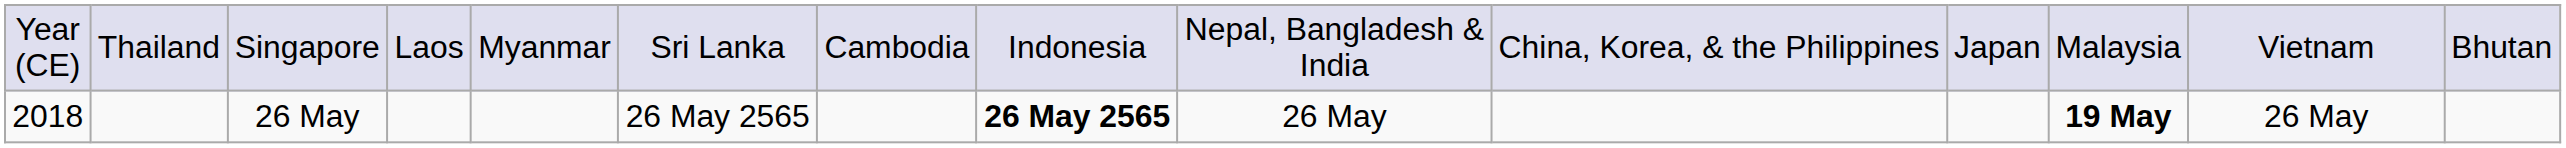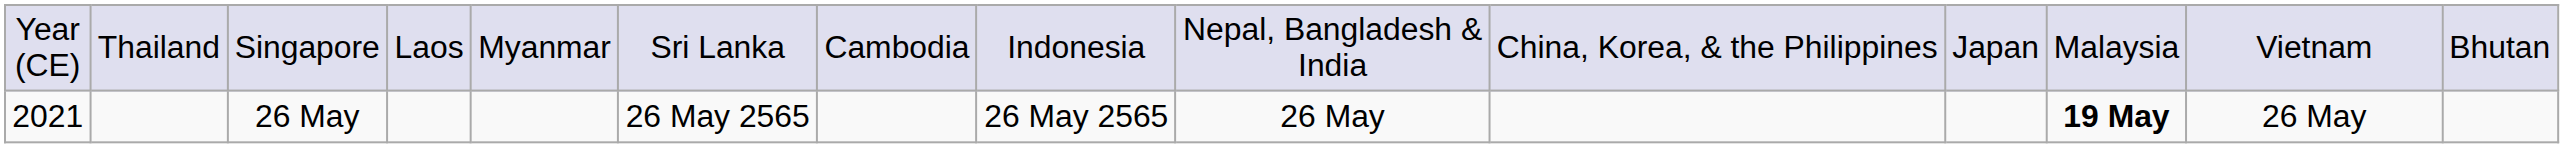 <table class="wikitable" style="text-align:center;">
 <tr style="text-align:center; background:#dfdfef;">
 <td>Year<br>(CE)</td>
 <td style="background:#dfdfef;text-align:center;">Thailand</td>
 <td style="background:#dfdfef;text-align:center;">Singapore</td>
 <td style="background:#dfdfef;text-align:center;">Laos</td>
 <td style="background:#dfdfef;text-align:center;">Myanmar</td>
 <td style="background:#dfdfef;text-align:center;">Sri Lanka</td>
 <td style="background:#dfdfef;text-align:center;">Cambodia</td>
 <td style="background:#dfdfef;text-align:center;">Indonesia</td>
 <td style="background:#dfdfef;text-align:center;">Nepal, Bangladesh &<br>India</td>
 <td style="background:#dfdfef;text-align:center;">China, Korea, & the Philippines</td>
 <td style="background:#dfdfef;text-align:center;">Japan</td>
 <td style="background:#dfdfef;text-align:center;">Malaysia</td>
 <td style="background:#dfdfef;text-align:center;width:10%;">Vietnam</td>
 <td>Bhutan</td>
 </tr>
 <tr>
-<td>2018</td>
+<td>2021</td>
 <td></td>
 <td>26 May</td>
 <td></td>
 <td></td>
 <td>26 May 2565</td>
 <td></td>
-<td><strong>26 May 2565</strong></td>
+<td>26 May 2565</td>
 <td>26 May</td>
 <td></td>
 <td></td>
 <td><strong>19 May</strong></td>
 <td>26 May</td>
 <td></td>
 </tr>
 </table>
